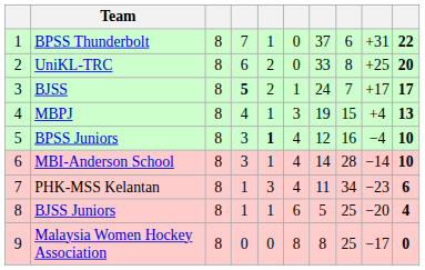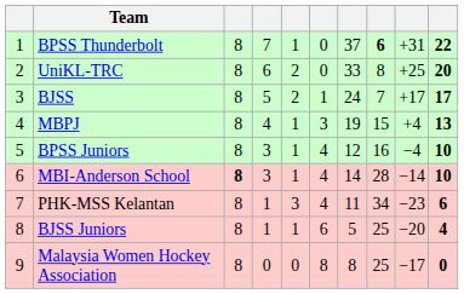 <table class=wikitable style="text-align:center">
 <tr>
 <th width=20></th>
 <th width=175>Team</th>
 <th width=20></th>
 <th width=20></th>
 <th width=20></th>
 <th width=20></th>
 <th width=20></th>
 <th width=20></th>
 <th width=20></th>
 <th width=20></th>
 </tr>
 <tr bgcolor=ccffcc>
 <td>1</td>
 <td align=left> <a href='#'>BPSS Thunderbolt</a></td>
 <td>8</td>
 <td>7</td>
 <td>1</td>
 <td>0</td>
 <td>37</td>
-<td>6</td>
+<td><strong>6</strong></td>
 <td>+31</td>
 <td><strong>22</strong></td>
 </tr>
 <tr bgcolor=ccffcc>
 <td>2</td>
 <td align=left> <a href='#'>UniKL-TRC</a></td>
 <td>8</td>
 <td>6</td>
 <td>2</td>
 <td>0</td>
 <td>33</td>
 <td>8</td>
 <td>+25</td>
 <td><strong>20</strong></td>
 </tr>
 <tr bgcolor=ccffcc>
 <td>3</td>
 <td align=left> <a href='#'>BJSS</a></td>
 <td>8</td>
-<td><strong>5</strong></td>
+<td>5</td>
 <td>2</td>
 <td>1</td>
 <td>24</td>
 <td>7</td>
 <td>+17</td>
 <td><strong>17</strong></td>
 </tr>
 <tr bgcolor=ccffcc>
 <td>4</td>
 <td align=left> <a href='#'>MBPJ</a></td>
 <td>8</td>
 <td>4</td>
 <td>1</td>
 <td>3</td>
 <td>19</td>
 <td>15</td>
 <td>+4</td>
 <td><strong>13</strong></td>
 </tr>
 <tr bgcolor=ccffcc>
 <td>5</td>
 <td align=left> <a href='#'>BPSS Juniors</a></td>
 <td>8</td>
 <td>3</td>
-<td><strong>1</strong></td>
+<td>1</td>
 <td>4</td>
 <td>12</td>
 <td>16</td>
 <td>−4</td>
 <td><strong>10</strong></td>
 </tr>
 <tr bgcolor=ffcccc>
 <td>6</td>
 <td align=left> <a href='#'>MBI-Anderson School</a></td>
-<td>8</td>
+<td><strong>8</strong></td>
 <td>3</td>
 <td>1</td>
 <td>4</td>
 <td>14</td>
 <td>28</td>
 <td>−14</td>
 <td><strong>10</strong></td>
 </tr>
 <tr bgcolor=ffcccc>
 <td>7</td>
 <td align=left> PHK-MSS Kelantan</td>
 <td>8</td>
 <td>1</td>
 <td>3</td>
 <td>4</td>
 <td>11</td>
 <td>34</td>
 <td>−23</td>
 <td><strong>6</strong></td>
 </tr>
 <tr bgcolor=ffcccc>
 <td>8</td>
 <td align=left> <a href='#'>BJSS Juniors</a></td>
 <td>8</td>
 <td>1</td>
 <td>1</td>
 <td>6</td>
 <td>5</td>
 <td>25</td>
 <td>−20</td>
 <td><strong>4</strong></td>
 </tr>
 <tr bgcolor=ffcccc>
 <td>9</td>
 <td align=left> <a href='#'>Malaysia Women Hockey Association</a></td>
 <td>8</td>
 <td>0</td>
 <td>0</td>
 <td>8</td>
 <td>8</td>
 <td>25</td>
 <td>−17</td>
 <td><strong>0</strong></td>
 </tr>
 </table>
